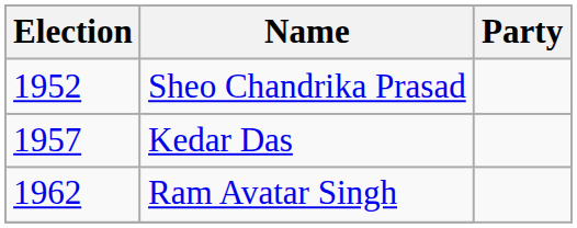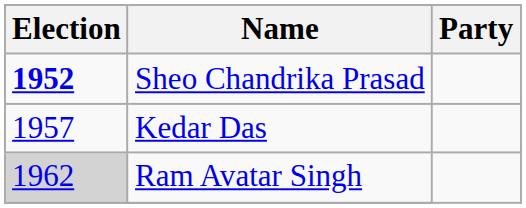 <table class ="wikitable sortable">
 <tr>
 <th>Election</th>
 <th>Name</th>
 <th colspan=2>Party</th>
 </tr>
 <tr>
-<td><a href='#'>1952</a></td>
+<td><strong><a href='#'>1952</a></strong></td>
 <td><a href='#'>Sheo Chandrika Prasad</a></td>
 <td></td>
 </tr>
 <tr>
 <td><a href='#'>1957</a></td>
 <td><a href='#'>Kedar Das</a></td>
 <td></td>
 </tr>
 <tr>
-<td><a href='#'>1962</a></td>
+<td style="background: lightgrey;"><a href='#'>1962</a></td>
 <td><a href='#'>Ram Avatar Singh</a></td>
 </tr>
 <tr>
 </tr>
 </table>
